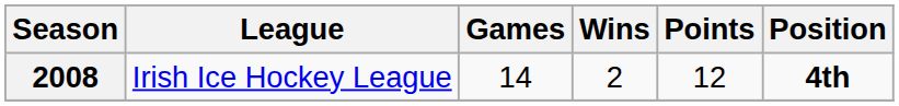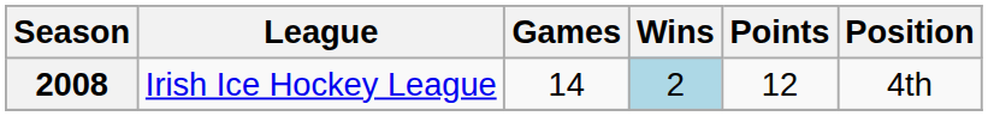 <table class="wikitable" style="font-size: 90%; text-align:center">
 <tr>
 <th>Season</th>
 <th>League</th>
 <th>Games</th>
 <th>Wins</th>
 <th>Points</th>
 <th>Position</th>
 </tr>
 <tr>
 <th>2008</th>
 <td align="left"><a href='#'>Irish Ice Hockey League</a></td>
 <td>14</td>
-<td>2</td>
+<td style="background: lightblue;">2</td>
 <td>12</td>
-<td><strong>4th</strong></td>
+<td>4th</td>
 </tr>
 <tr>
 </tr>
 </table>
